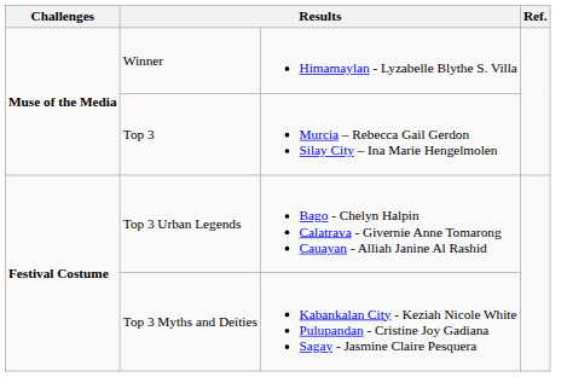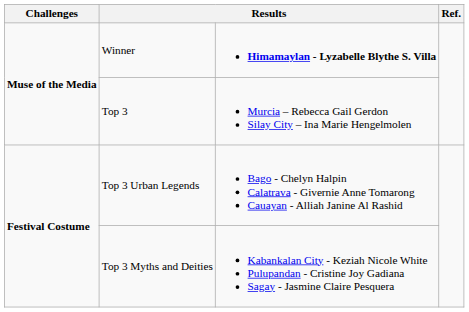 <table class="wikitable sortable" style="font-size: 95%;">
 <tr>
 <th>Challenges</th>
 <th colspan="2">Results</th>
 <th>Ref.</th>
 </tr>
 <tr>
 <td rowspan="2"><strong>Muse of the Media</strong></td>
 <td>Winner</td>
-<td><br><ul><li><a href='#'>Himamaylan</a> - Lyzabelle Blythe S. Villa</li></ul></td>
+<td><strong><br><ul><li><a href='#'>Himamaylan</a> - Lyzabelle Blythe S. Villa</li></ul></strong></td>
 <td rowspan="2"> </td>
 </tr>
 <tr>
 <td>Top 3</td>
 <td><br><ul><li><a href='#'>Murcia</a> – Rebecca Gail Gerdon</li><li><a href='#'>Silay City</a> – Ina Marie Hengelmolen</li></ul></td>
 </tr>
 <tr>
 <td rowspan="2"><strong>Festival Costume</strong></td>
 <td>Top 3 Urban Legends</td>
 <td><br><ul><li><a href='#'>Bago</a> - Chelyn Halpin</li><li><a href='#'>Calatrava</a> - Givernie Anne Tomarong</li><li><a href='#'>Cauayan</a> - Alliah Janine Al Rashid</li></ul></td>
 <td rowspan="2"></td>
 </tr>
 <tr>
 <td rowspan="2">Top 3 Myths and Deities</td>
 <td><br><ul><li><a href='#'>Kabankalan City</a> - Keziah Nicole White</li><li><a href='#'>Pulupandan</a> - Cristine Joy Gadiana</li><li><a href='#'>Sagay</a> - Jasmine Claire Pesquera</li></ul></td>
 </tr>
 </table>
